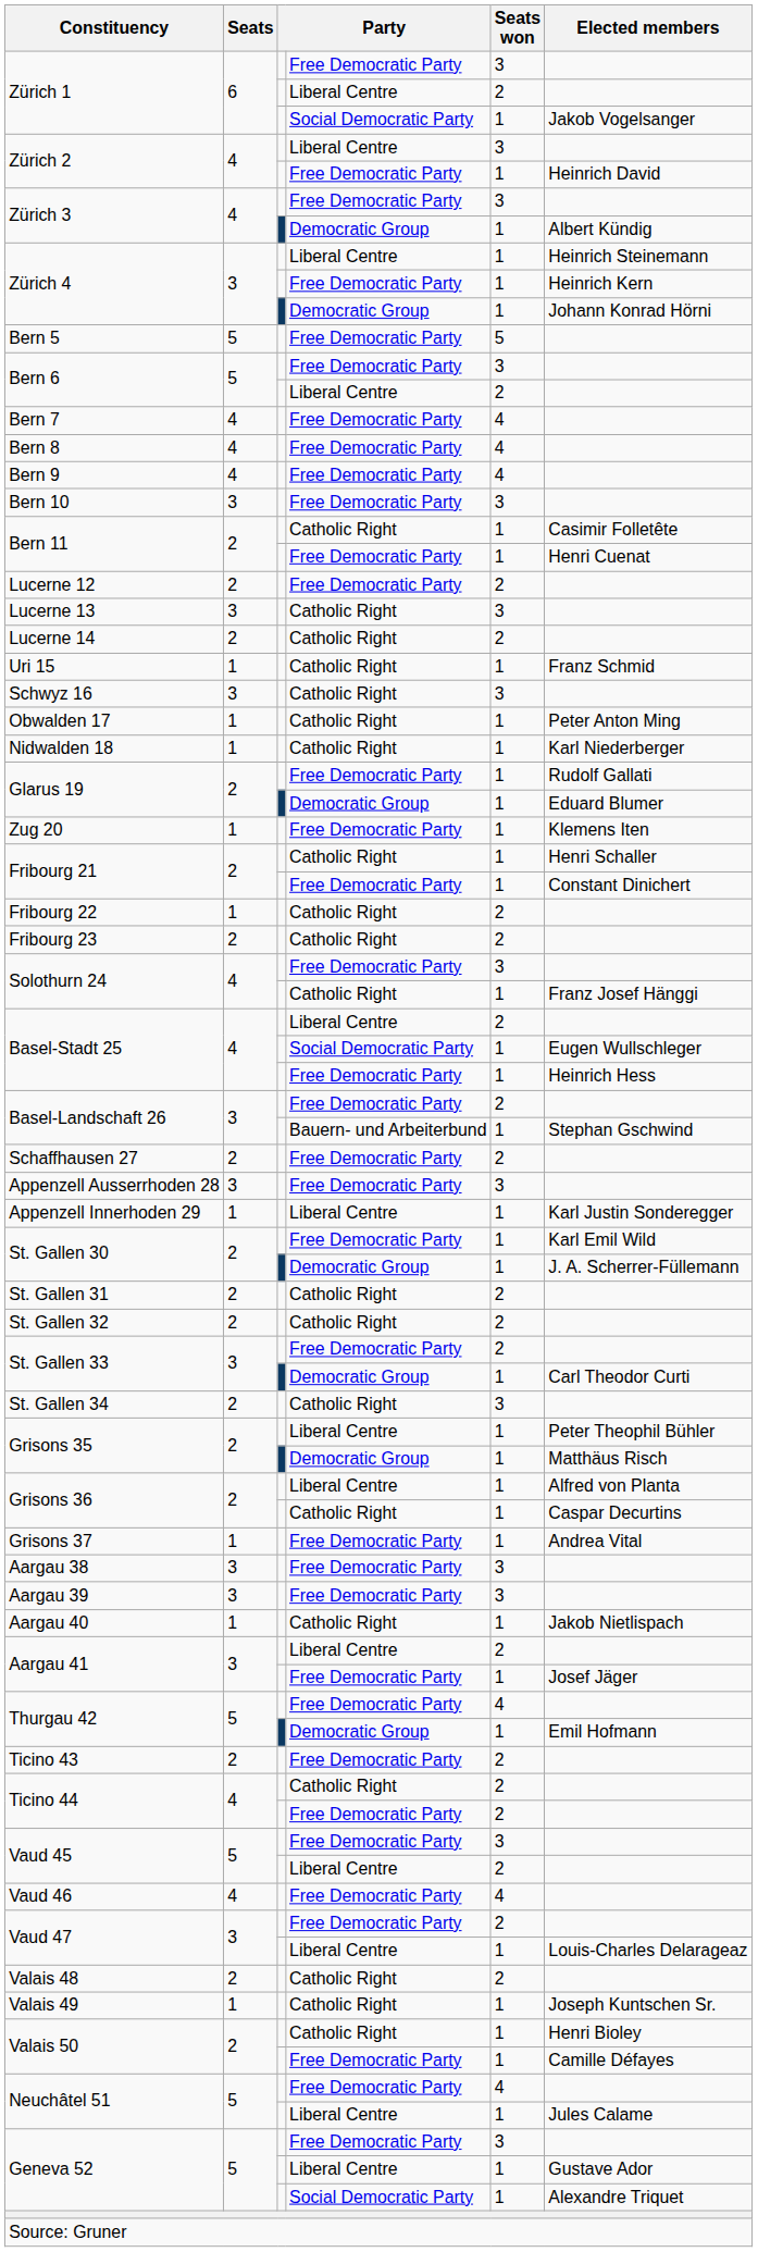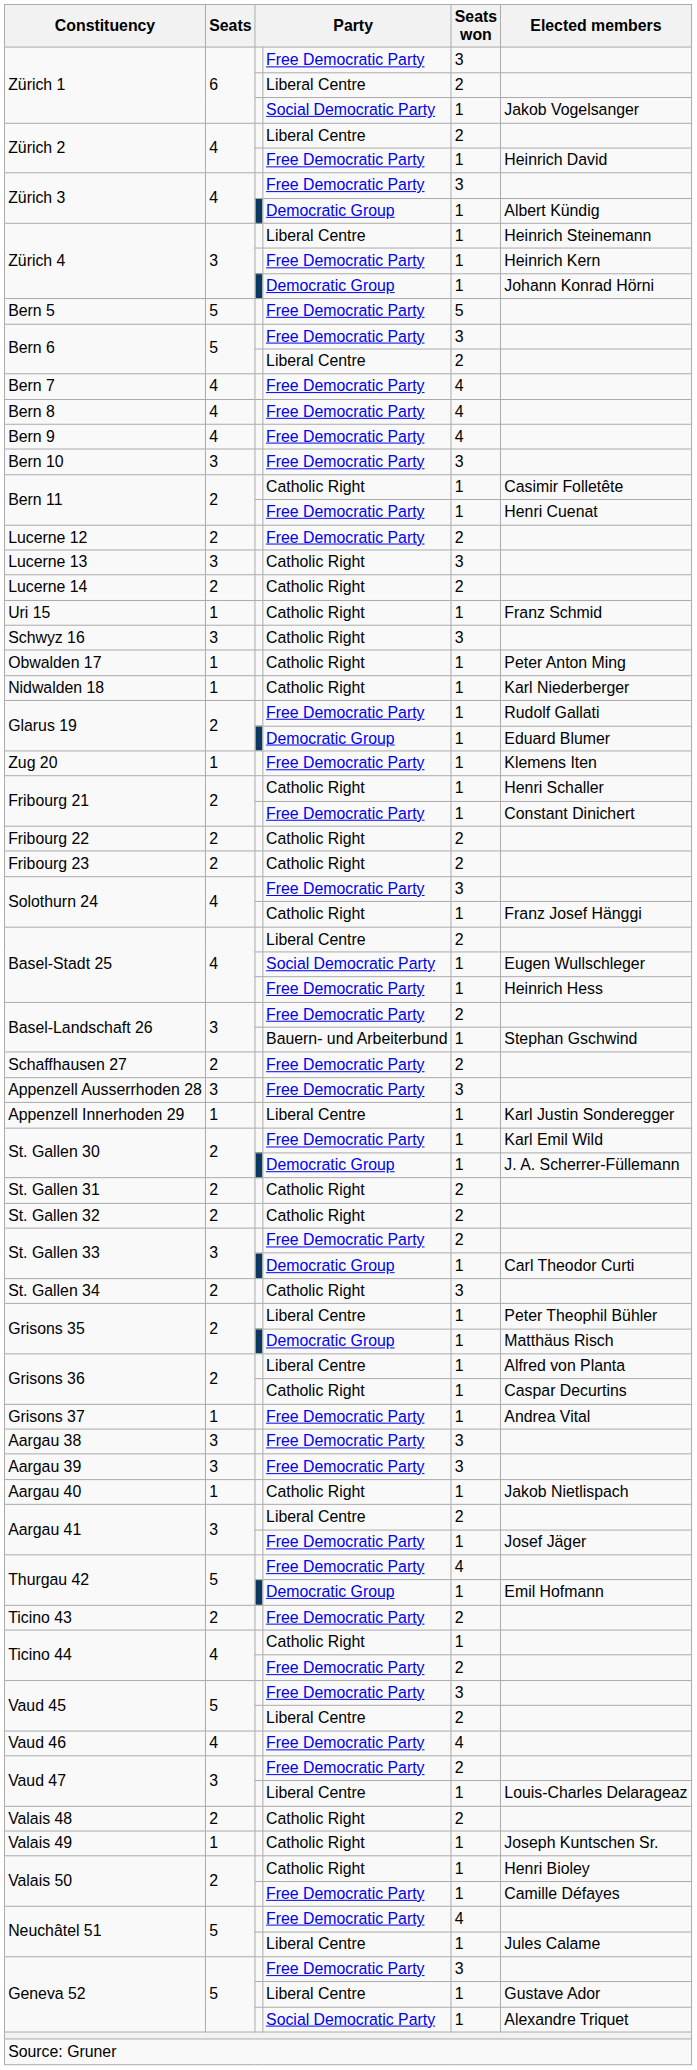 <table class="wikitable">
 <tr>
 <th>Constituency</th>
 <th>Seats</th>
 <th colspan="2">Party</th>
 <th>Seats<br>won</th>
 <th>Elected members</th>
 </tr>
 <tr>
 <td rowspan="3">Zürich 1</td>
 <td rowspan="3">6</td>
 <td style="color:inherit;background:"></td>
 <td><a href='#'>Free Democratic Party</a></td>
 <td>3</td>
 <td></td>
 </tr>
 <tr>
 <td style="color:inherit;background:"></td>
 <td>Liberal Centre</td>
 <td>2</td>
 <td></td>
 </tr>
 <tr>
 <td style="color:inherit;background:"></td>
 <td><a href='#'>Social Democratic Party</a></td>
 <td>1</td>
 <td>Jakob Vogelsanger</td>
 </tr>
 <tr>
 <td rowspan="2">Zürich 2</td>
 <td rowspan="2">4</td>
 <td style="color:inherit;background:"></td>
 <td>Liberal Centre</td>
-<td>3</td>
+<td>2</td>
 <td></td>
 </tr>
 <tr>
 <td style="color:inherit;background:"></td>
 <td><a href='#'>Free Democratic Party</a></td>
 <td>1</td>
 <td>Heinrich David</td>
 </tr>
 <tr>
 <td rowspan="2">Zürich 3</td>
 <td rowspan="2">4</td>
 <td style="color:inherit;background:"></td>
 <td><a href='#'>Free Democratic Party</a></td>
 <td>3</td>
 <td></td>
 </tr>
 <tr>
 <td style="color:inherit;background:#0B3861"></td>
 <td><a href='#'>Democratic Group</a></td>
 <td>1</td>
 <td>Albert Kündig</td>
 </tr>
 <tr>
 <td rowspan="3">Zürich 4</td>
 <td rowspan="3">3</td>
 <td style="color:inherit;background:"></td>
 <td>Liberal Centre</td>
 <td>1</td>
 <td>Heinrich Steinemann</td>
 </tr>
 <tr>
 <td style="color:inherit;background:"></td>
 <td><a href='#'>Free Democratic Party</a></td>
 <td>1</td>
 <td>Heinrich Kern</td>
 </tr>
 <tr>
 <td style="color:inherit;background:#0B3861"></td>
 <td><a href='#'>Democratic Group</a></td>
 <td>1</td>
 <td>Johann Konrad Hörni</td>
 </tr>
 <tr>
 <td>Bern 5</td>
 <td>5</td>
 <td style="color:inherit;background:"></td>
 <td><a href='#'>Free Democratic Party</a></td>
 <td>5</td>
 <td></td>
 </tr>
 <tr>
 <td rowspan="2">Bern 6</td>
 <td rowspan="2">5</td>
 <td style="color:inherit;background:"></td>
 <td><a href='#'>Free Democratic Party</a></td>
 <td>3</td>
 <td></td>
 </tr>
 <tr>
 <td style="color:inherit;background:"></td>
 <td>Liberal Centre</td>
 <td>2</td>
 <td></td>
 </tr>
 <tr>
 <td>Bern 7</td>
 <td>4</td>
 <td style="color:inherit;background:"></td>
 <td><a href='#'>Free Democratic Party</a></td>
 <td>4</td>
 <td></td>
 </tr>
 <tr>
 <td>Bern 8</td>
 <td>4</td>
 <td style="color:inherit;background:"></td>
 <td><a href='#'>Free Democratic Party</a></td>
 <td>4</td>
 <td></td>
 </tr>
 <tr>
 <td>Bern 9</td>
 <td>4</td>
 <td style="color:inherit;background:"></td>
 <td><a href='#'>Free Democratic Party</a></td>
 <td>4</td>
 <td></td>
 </tr>
 <tr>
 <td>Bern 10</td>
 <td>3</td>
 <td style="color:inherit;background:"></td>
 <td><a href='#'>Free Democratic Party</a></td>
 <td>3</td>
 <td></td>
 </tr>
 <tr>
 <td rowspan="2">Bern 11</td>
 <td rowspan="2">2</td>
 <td style="color:inherit;background:"></td>
 <td>Catholic Right</td>
 <td>1</td>
 <td>Casimir Folletête</td>
 </tr>
 <tr>
 <td style="color:inherit;background:"></td>
 <td><a href='#'>Free Democratic Party</a></td>
 <td>1</td>
 <td>Henri Cuenat</td>
 </tr>
 <tr>
 <td>Lucerne 12</td>
 <td>2</td>
 <td style="color:inherit;background:"></td>
 <td><a href='#'>Free Democratic Party</a></td>
 <td>2</td>
 <td></td>
 </tr>
 <tr>
 <td>Lucerne 13</td>
 <td>3</td>
 <td style="color:inherit;background:"></td>
 <td>Catholic Right</td>
 <td>3</td>
 <td></td>
 </tr>
 <tr>
 <td>Lucerne 14</td>
 <td>2</td>
 <td style="color:inherit;background:"></td>
 <td>Catholic Right</td>
 <td>2</td>
 <td></td>
 </tr>
 <tr>
 <td>Uri 15</td>
 <td>1</td>
 <td style="color:inherit;background:"></td>
 <td>Catholic Right</td>
 <td>1</td>
 <td>Franz Schmid</td>
 </tr>
 <tr>
 <td>Schwyz 16</td>
 <td>3</td>
 <td style="color:inherit;background:"></td>
 <td>Catholic Right</td>
 <td>3</td>
 <td></td>
 </tr>
 <tr>
 <td>Obwalden 17</td>
 <td>1</td>
 <td style="color:inherit;background:"></td>
 <td>Catholic Right</td>
 <td>1</td>
 <td>Peter Anton Ming</td>
 </tr>
 <tr>
 <td>Nidwalden 18</td>
 <td>1</td>
 <td style="color:inherit;background:"></td>
 <td>Catholic Right</td>
 <td>1</td>
 <td>Karl Niederberger</td>
 </tr>
 <tr>
 <td rowspan="2">Glarus 19</td>
 <td rowspan="2">2</td>
 <td style="color:inherit;background:"></td>
 <td><a href='#'>Free Democratic Party</a></td>
 <td>1</td>
 <td>Rudolf Gallati</td>
 </tr>
 <tr>
 <td style="color:inherit;background:#0B3861"></td>
 <td><a href='#'>Democratic Group</a></td>
 <td>1</td>
 <td>Eduard Blumer</td>
 </tr>
 <tr>
 <td>Zug 20</td>
 <td>1</td>
 <td style="color:inherit;background:"></td>
 <td><a href='#'>Free Democratic Party</a></td>
 <td>1</td>
 <td>Klemens Iten</td>
 </tr>
 <tr>
 <td rowspan="2">Fribourg 21</td>
 <td rowspan="2">2</td>
 <td style="color:inherit;background:"></td>
 <td>Catholic Right</td>
 <td>1</td>
 <td>Henri Schaller</td>
 </tr>
 <tr>
 <td style="color:inherit;background:"></td>
 <td><a href='#'>Free Democratic Party</a></td>
 <td>1</td>
 <td>Constant Dinichert</td>
 </tr>
 <tr>
 <td>Fribourg 22</td>
-<td>1</td>
+<td>2</td>
 <td style="color:inherit;background:"></td>
 <td>Catholic Right</td>
 <td>2</td>
 <td></td>
 </tr>
 <tr>
 <td>Fribourg 23</td>
 <td>2</td>
 <td style="color:inherit;background:"></td>
 <td>Catholic Right</td>
 <td>2</td>
 <td></td>
 </tr>
 <tr>
 <td rowspan="2">Solothurn 24</td>
 <td rowspan="2">4</td>
 <td style="color:inherit;background:"></td>
 <td><a href='#'>Free Democratic Party</a></td>
 <td>3</td>
 <td></td>
 </tr>
 <tr>
 <td style="color:inherit;background:"></td>
 <td>Catholic Right</td>
 <td>1</td>
 <td>Franz Josef Hänggi</td>
 </tr>
 <tr>
 <td rowspan="3">Basel-Stadt 25</td>
 <td rowspan="3">4</td>
 <td style="color:inherit;background:"></td>
 <td>Liberal Centre</td>
 <td>2</td>
 <td></td>
 </tr>
 <tr>
 <td style="color:inherit;background:"></td>
 <td><a href='#'>Social Democratic Party</a></td>
 <td>1</td>
 <td>Eugen Wullschleger</td>
 </tr>
 <tr>
 <td style="color:inherit;background:"></td>
 <td><a href='#'>Free Democratic Party</a></td>
 <td>1</td>
 <td>Heinrich Hess</td>
 </tr>
 <tr>
 <td rowspan="2">Basel-Landschaft 26</td>
 <td rowspan="2">3</td>
 <td style="color:inherit;background:"></td>
 <td><a href='#'>Free Democratic Party</a></td>
 <td>2</td>
 <td></td>
 </tr>
 <tr>
 <td style="color:inherit;background:"></td>
 <td>Bauern- und Arbeiterbund</td>
 <td>1</td>
 <td>Stephan Gschwind</td>
 </tr>
 <tr>
 <td>Schaffhausen 27</td>
 <td>2</td>
 <td style="color:inherit;background:"></td>
 <td><a href='#'>Free Democratic Party</a></td>
 <td>2</td>
 <td></td>
 </tr>
 <tr>
 <td>Appenzell Ausserrhoden 28</td>
 <td>3</td>
 <td style="color:inherit;background:"></td>
 <td><a href='#'>Free Democratic Party</a></td>
 <td>3</td>
 <td></td>
 </tr>
 <tr>
 <td>Appenzell Innerhoden 29</td>
 <td>1</td>
 <td style="color:inherit;background:"></td>
 <td>Liberal Centre</td>
 <td>1</td>
 <td>Karl Justin Sonderegger</td>
 </tr>
 <tr>
 <td rowspan="2">St. Gallen 30</td>
 <td rowspan="2">2</td>
 <td style="color:inherit;background:"></td>
 <td><a href='#'>Free Democratic Party</a></td>
 <td>1</td>
 <td>Karl Emil Wild</td>
 </tr>
 <tr>
 <td style="color:inherit;background:#0B3861"></td>
 <td><a href='#'>Democratic Group</a></td>
 <td>1</td>
 <td>J. A. Scherrer-Füllemann</td>
 </tr>
 <tr>
 <td>St. Gallen 31</td>
 <td>2</td>
 <td style="color:inherit;background:"></td>
 <td>Catholic Right</td>
 <td>2</td>
 <td></td>
 </tr>
 <tr>
 <td>St. Gallen 32</td>
 <td>2</td>
 <td style="color:inherit;background:"></td>
 <td>Catholic Right</td>
 <td>2</td>
 <td></td>
 </tr>
 <tr>
 <td rowspan="2">St. Gallen 33</td>
 <td rowspan="2">3</td>
 <td style="color:inherit;background:"></td>
 <td><a href='#'>Free Democratic Party</a></td>
 <td>2</td>
 <td></td>
 </tr>
 <tr>
 <td style="color:inherit;background:#0B3861"></td>
 <td><a href='#'>Democratic Group</a></td>
 <td>1</td>
 <td>Carl Theodor Curti</td>
 </tr>
 <tr>
 <td>St. Gallen 34</td>
 <td>2</td>
 <td style="color:inherit;background:"></td>
 <td>Catholic Right</td>
 <td>3</td>
 <td></td>
 </tr>
 <tr>
 <td rowspan="2">Grisons 35</td>
 <td rowspan="2">2</td>
 <td style="color:inherit;background:"></td>
 <td>Liberal Centre</td>
 <td>1</td>
 <td>Peter Theophil Bühler</td>
 </tr>
 <tr>
 <td style="color:inherit;background:#0B3861"></td>
 <td><a href='#'>Democratic Group</a></td>
 <td>1</td>
 <td>Matthäus Risch</td>
 </tr>
 <tr>
 <td rowspan="2">Grisons 36</td>
 <td rowspan="2">2</td>
 <td style="color:inherit;background:"></td>
 <td>Liberal Centre</td>
 <td>1</td>
 <td>Alfred von Planta</td>
 </tr>
 <tr>
 <td style="color:inherit;background:"></td>
 <td>Catholic Right</td>
 <td>1</td>
 <td>Caspar Decurtins</td>
 </tr>
 <tr>
 <td>Grisons 37</td>
 <td>1</td>
 <td style="color:inherit;background:"></td>
 <td><a href='#'>Free Democratic Party</a></td>
 <td>1</td>
 <td>Andrea Vital</td>
 </tr>
 <tr>
 <td>Aargau 38</td>
 <td>3</td>
 <td style="color:inherit;background:"></td>
 <td><a href='#'>Free Democratic Party</a></td>
 <td>3</td>
 <td></td>
 </tr>
 <tr>
 <td>Aargau 39</td>
 <td>3</td>
 <td style="color:inherit;background:"></td>
 <td><a href='#'>Free Democratic Party</a></td>
 <td>3</td>
 <td></td>
 </tr>
 <tr>
 <td>Aargau 40</td>
 <td>1</td>
 <td style="color:inherit;background:"></td>
 <td>Catholic Right</td>
 <td>1</td>
 <td>Jakob Nietlispach</td>
 </tr>
 <tr>
 <td rowspan="2">Aargau 41</td>
 <td rowspan="2">3</td>
 <td style="color:inherit;background:"></td>
 <td>Liberal Centre</td>
 <td>2</td>
 <td></td>
 </tr>
 <tr>
 <td style="color:inherit;background:"></td>
 <td><a href='#'>Free Democratic Party</a></td>
 <td>1</td>
 <td>Josef Jäger</td>
 </tr>
 <tr>
 <td rowspan="2">Thurgau 42</td>
 <td rowspan="2">5</td>
 <td style="color:inherit;background:"></td>
 <td><a href='#'>Free Democratic Party</a></td>
 <td>4</td>
 <td></td>
 </tr>
 <tr>
 <td style="color:inherit;background:#0B3861"></td>
 <td><a href='#'>Democratic Group</a></td>
 <td>1</td>
 <td>Emil Hofmann</td>
 </tr>
 <tr>
 <td>Ticino 43</td>
 <td>2</td>
 <td style="color:inherit;background:"></td>
 <td><a href='#'>Free Democratic Party</a></td>
 <td>2</td>
 <td></td>
 </tr>
 <tr>
 <td rowspan="2">Ticino 44</td>
 <td rowspan="2">4</td>
 <td style="color:inherit;background:"></td>
 <td>Catholic Right</td>
-<td>2</td>
+<td>1</td>
 <td></td>
 </tr>
 <tr>
 <td style="color:inherit;background:"></td>
 <td><a href='#'>Free Democratic Party</a></td>
 <td>2</td>
 <td></td>
 </tr>
 <tr>
 <td rowspan="2">Vaud 45</td>
 <td rowspan="2">5</td>
 <td style="color:inherit;background:"></td>
 <td><a href='#'>Free Democratic Party</a></td>
 <td>3</td>
 <td></td>
 </tr>
 <tr>
 <td style="color:inherit;background:"></td>
 <td>Liberal Centre</td>
 <td>2</td>
 <td></td>
 </tr>
 <tr>
 <td>Vaud 46</td>
 <td>4</td>
 <td style="color:inherit;background:"></td>
 <td><a href='#'>Free Democratic Party</a></td>
 <td>4</td>
 <td></td>
 </tr>
 <tr>
 <td rowspan="2">Vaud 47</td>
 <td rowspan="2">3</td>
 <td style="color:inherit;background:"></td>
 <td><a href='#'>Free Democratic Party</a></td>
 <td>2</td>
 <td></td>
 </tr>
 <tr>
 <td style="color:inherit;background:"></td>
 <td>Liberal Centre</td>
 <td>1</td>
 <td>Louis-Charles Delarageaz</td>
 </tr>
 <tr>
 <td>Valais 48</td>
 <td>2</td>
 <td style="color:inherit;background:"></td>
 <td>Catholic Right</td>
 <td>2</td>
 <td></td>
 </tr>
 <tr>
 <td>Valais 49</td>
 <td>1</td>
 <td style="color:inherit;background:"></td>
 <td>Catholic Right</td>
 <td>1</td>
 <td>Joseph Kuntschen Sr.</td>
 </tr>
 <tr>
 <td rowspan="2">Valais 50</td>
 <td rowspan="2">2</td>
 <td style="color:inherit;background:"></td>
 <td>Catholic Right</td>
 <td>1</td>
 <td>Henri Bioley</td>
 </tr>
 <tr>
 <td style="color:inherit;background:"></td>
 <td><a href='#'>Free Democratic Party</a></td>
 <td>1</td>
 <td>Camille Défayes</td>
 </tr>
 <tr>
 <td rowspan="2">Neuchâtel 51</td>
 <td rowspan="2">5</td>
 <td style="color:inherit;background:"></td>
 <td><a href='#'>Free Democratic Party</a></td>
 <td>4</td>
 <td></td>
 </tr>
 <tr>
 <td style="color:inherit;background:"></td>
 <td>Liberal Centre</td>
 <td>1</td>
 <td>Jules Calame</td>
 </tr>
 <tr>
 <td rowspan="3">Geneva 52</td>
 <td rowspan="3">5</td>
 <td style="color:inherit;background:"></td>
 <td><a href='#'>Free Democratic Party</a></td>
 <td>3</td>
 <td></td>
 </tr>
 <tr>
 <td style="color:inherit;background:"></td>
 <td>Liberal Centre</td>
 <td>1</td>
 <td>Gustave Ador</td>
 </tr>
 <tr>
 <td style="color:inherit;background:"></td>
 <td><a href='#'>Social Democratic Party</a></td>
 <td>1</td>
 <td>Alexandre Triquet</td>
 </tr>
 <tr>
 <th colspan="6"></th>
 </tr>
 <tr>
 <td colspan="6">Source: Gruner</td>
 </tr>
 </table>
